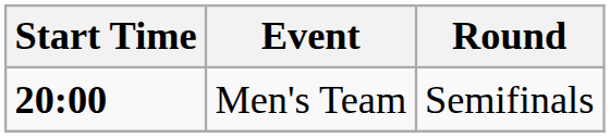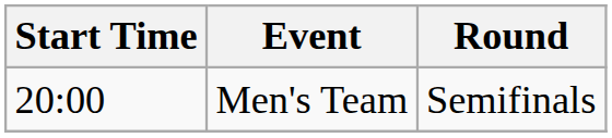 <table class="wikitable">
 <tr>
 <th>Start Time</th>
 <th>Event</th>
 <th>Round</th>
 </tr>
 <tr>
-<td><strong>20:00</strong></td>
+<td>20:00</td>
 <td>Men's Team</td>
 <td>Semifinals</td>
 </tr>
 <tr>
 </tr>
 </table>
